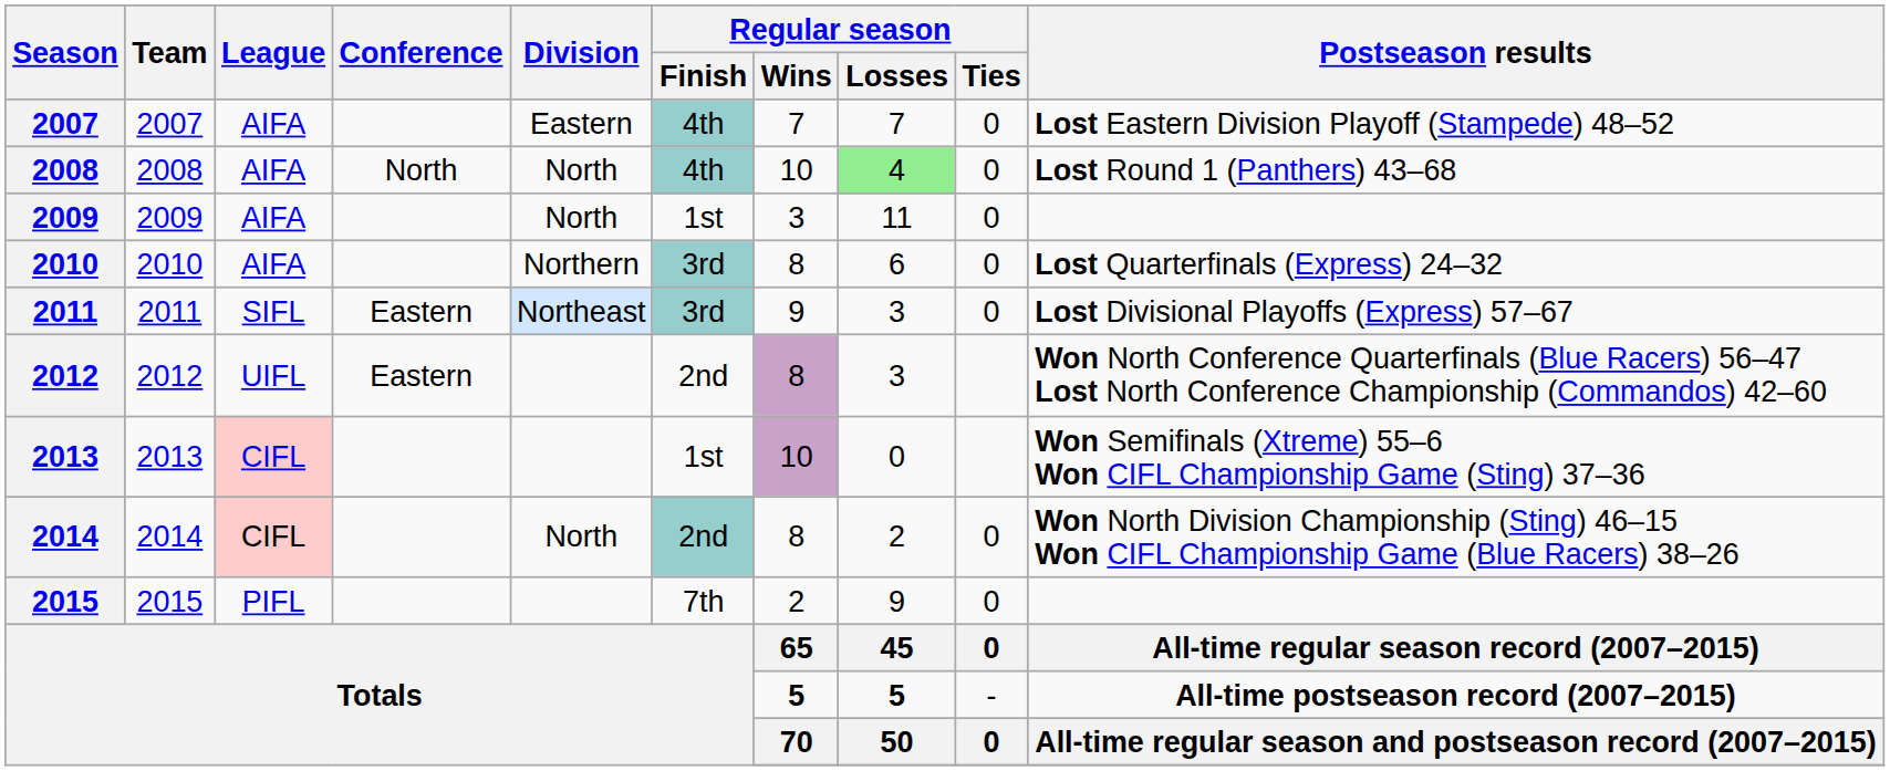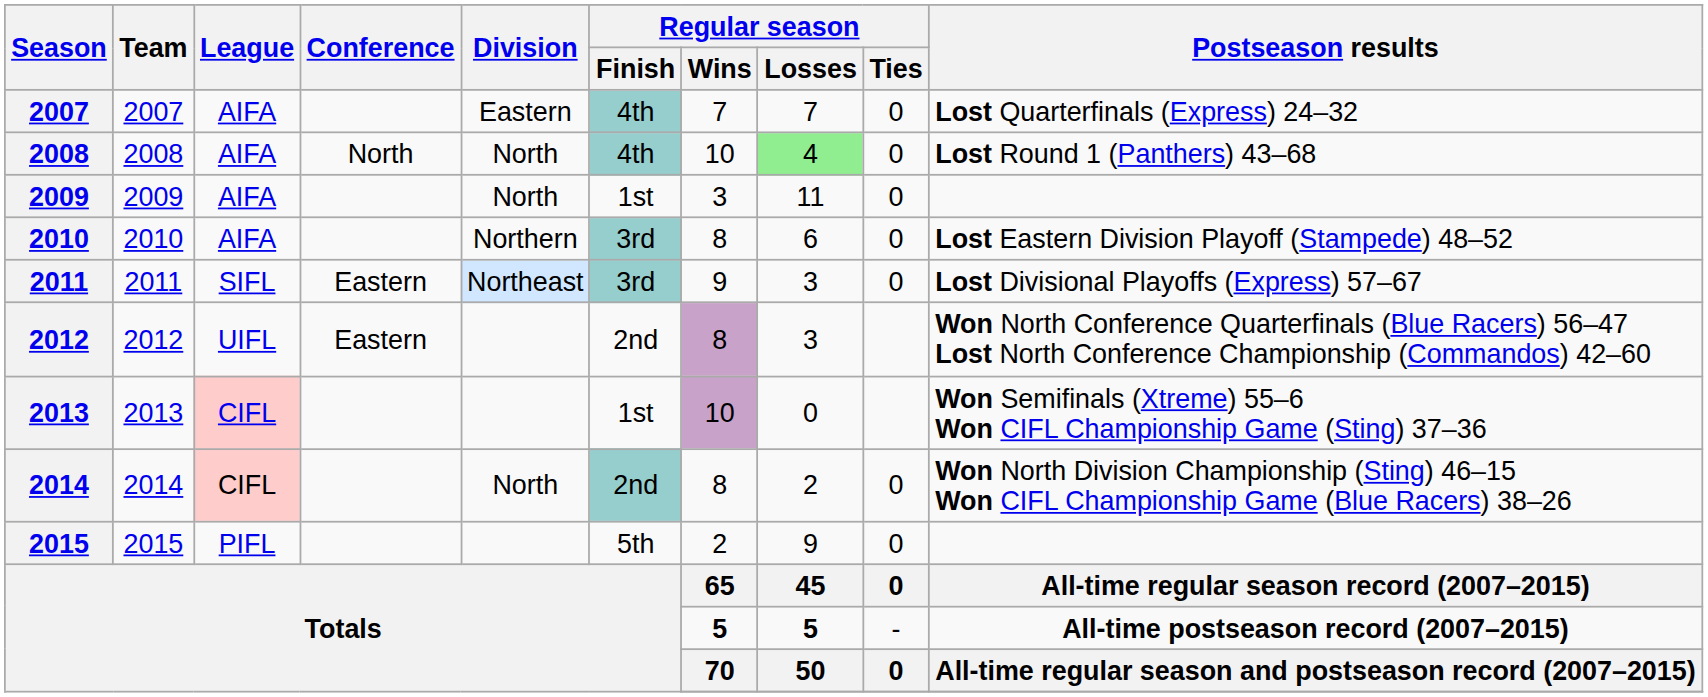 <table class="wikitable" style="font-size: 95%;">
 <tr>
 <th rowspan="2"><a href='#'>Season</a></th>
 <th rowspan="2">Team</th>
 <th rowspan="2"><a href='#'>League</a></th>
 <th rowspan="2"><a href='#'>Conference</a></th>
 <th rowspan="2"><a href='#'>Division</a></th>
 <th colspan="4"><a href='#'>Regular season</a></th>
 <th rowspan="2"><a href='#'>Postseason</a> results</th>
 </tr>
 <tr>
 <th>Finish</th>
 <th>Wins</th>
 <th>Losses</th>
 <th>Ties</th>
 </tr>
 <tr>
 <th style="text-align:center;"><a href='#'>2007</a></th>
 <td style="text-align:center;"><a href='#'>2007</a></td>
 <td style="text-align:center;"><a href='#'>AIFA</a></td>
 <td style="text-align:center;"></td>
 <td style="text-align:center;">Eastern</td>
 <td style="text-align:center; background:#96cdcd;">4th</td>
 <td style="text-align:center;">7</td>
 <td style="text-align:center;">7</td>
 <td style="text-align:center;">0</td>
-<td><strong>Lost</strong> Eastern Division Playoff (<a href='#'>Stampede</a>) 48–52</td>
+<td><strong>Lost</strong> Quarterfinals (<a href='#'>Express</a>) 24–32</td>
 </tr>
 <tr>
 <th style="text-align:center;"><a href='#'>2008</a></th>
 <td style="text-align:center;"><a href='#'>2008</a></td>
 <td style="text-align:center;"><a href='#'>AIFA</a></td>
 <td style="text-align:center;">North</td>
 <td style="text-align:center;">North</td>
 <td style="text-align:center; background:#96cdcd;">4th</td>
 <td style="text-align:center;">10</td>
 <td style="background: lightgreen; text-align:center;">4</td>
 <td style="text-align:center;">0</td>
 <td><strong>Lost</strong> Round 1 (<a href='#'>Panthers</a>) 43–68</td>
 </tr>
 <tr>
 <th style="text-align:center;"><a href='#'>2009</a></th>
 <td style="text-align:center;"><a href='#'>2009</a></td>
 <td style="text-align:center;"><a href='#'>AIFA</a></td>
 <td style="text-align:center;"></td>
 <td style="text-align:center;">North</td>
 <td style="text-align:center;">1st</td>
 <td style="text-align:center;">3</td>
 <td style="text-align:center;">11</td>
 <td style="text-align:center;">0</td>
 <td></td>
 </tr>
 <tr>
 <th style="text-align:center;"><a href='#'>2010</a></th>
 <td style="text-align:center;"><a href='#'>2010</a></td>
 <td style="text-align:center;"><a href='#'>AIFA</a></td>
 <td style="text-align:center;"></td>
 <td style="text-align:center;">Northern</td>
 <td style="text-align:center; background:#96cdcd;">3rd</td>
 <td style="text-align:center;">8</td>
 <td style="text-align:center;">6</td>
 <td style="text-align:center;">0</td>
-<td><strong>Lost</strong> Quarterfinals (<a href='#'>Express</a>) 24–32</td>
+<td><strong>Lost</strong> Eastern Division Playoff (<a href='#'>Stampede</a>) 48–52</td>
 </tr>
 <tr>
 <th style="text-align:center;"><a href='#'>2011</a></th>
 <td style="text-align:center;"><a href='#'>2011</a></td>
 <td style="text-align:center;"><a href='#'>SIFL</a></td>
 <td style="text-align:center;">Eastern</td>
 <td style="text-align:center; background:#d0e7ff;">Northeast</td>
 <td style="text-align:center; background:#96cdcd;">3rd</td>
 <td style="text-align:center;">9</td>
 <td style="text-align:center;">3</td>
 <td style="text-align:center;">0</td>
 <td><strong>Lost</strong> Divisional Playoffs (<a href='#'>Express</a>) 57–67</td>
 </tr>
 <tr>
 <th style="text-align:center;"><a href='#'>2012</a></th>
 <td style="text-align:center;"><a href='#'>2012</a></td>
 <td style="text-align:center;"><a href='#'>UIFL</a></td>
 <td style="text-align:center;">Eastern</td>
 <td style="text-align:center;"></td>
 <td style="text-align:center;">2nd</td>
 <td style="text-align:center;background:#c8a2c8;">8</td>
 <td style="text-align:center;">3</td>
 <td style="text-align:center;"></td>
 <td><strong>Won</strong> North Conference Quarterfinals (<a href='#'>Blue Racers</a>) 56–47<br><strong>Lost</strong> North Conference Championship (<a href='#'>Commandos</a>) 42–60</td>
 </tr>
 <tr>
 <th style="text-align:center;"><a href='#'>2013</a></th>
 <td style="text-align:center;"><a href='#'>2013</a></td>
 <td style="text-align:center;background:#fcc;"><a href='#'>CIFL</a></td>
 <td style="text-align:center;"></td>
 <td style="text-align:center;"></td>
 <td style="text-align:center;">1st</td>
 <td style="text-align:center;background:#c8a2c8;">10</td>
 <td style="text-align:center;">0</td>
 <td style="text-align:center;"></td>
 <td><strong>Won</strong> Semifinals (<a href='#'>Xtreme</a>) 55–6<br><strong>Won</strong> <a href='#'>CIFL Championship Game</a> (<a href='#'>Sting</a>) 37–36</td>
 </tr>
 <tr>
 <th style="text-align:center;"><a href='#'>2014</a></th>
 <td style="text-align:center;"><a href='#'>2014</a></td>
 <td style="text-align:center;background:#fcc;">CIFL</td>
 <td style="text-align:center;"></td>
 <td style="text-align:center;">North</td>
 <td style="text-align:center;background:#96cdcd;">2nd</td>
 <td style="text-align:center;">8</td>
 <td style="text-align:center;">2</td>
 <td style="text-align:center;">0</td>
 <td><strong>Won</strong> North Division Championship (<a href='#'>Sting</a>) 46–15<br><strong>Won</strong> <a href='#'>CIFL Championship Game</a> (<a href='#'>Blue Racers</a>) 38–26</td>
 </tr>
 <tr>
 <th style="text-align:center;"><a href='#'>2015</a></th>
 <td style="text-align:center;"><a href='#'>2015</a></td>
 <td style="text-align:center;"><a href='#'>PIFL</a></td>
 <td style="text-align:center;"></td>
 <td style="text-align:center;"></td>
-<td style="text-align:center;">7th</td>
+<td style="text-align:center;">5th</td>
 <td style="text-align:center;">2</td>
 <td style="text-align:center;">9</td>
 <td style="text-align:center;">0</td>
 <td></td>
 </tr>
 <tr>
 <th style="text-align:center;" rowspan="5" colspan="6">Totals</th>
 <th style="text-align:center;"><strong>65</strong></th>
 <th style="text-align:center;"><strong>45</strong></th>
 <th style="text-align:center;"><strong>0</strong></th>
 <th style="text-align:center;" colspan="3"><strong>All-time regular season record (2007–2015)</strong></th>
 </tr>
 <tr style="text-align:center;">
 <td><strong>5</strong></td>
 <td><strong>5</strong></td>
 <td>-</td>
 <td colspan="3"><strong>All-time postseason record (2007–2015)</strong></td>
 </tr>
 <tr>
 <th style="text-align:center;"><strong>70</strong></th>
 <th style="text-align:center;"><strong>50</strong></th>
 <th style="text-align:center;"><strong>0</strong></th>
 <th style="text-align:center;" colspan="3"><strong>All-time regular season and postseason record (2007–2015)</strong></th>
 </tr>
 <tr>
 </tr>
 </table>
